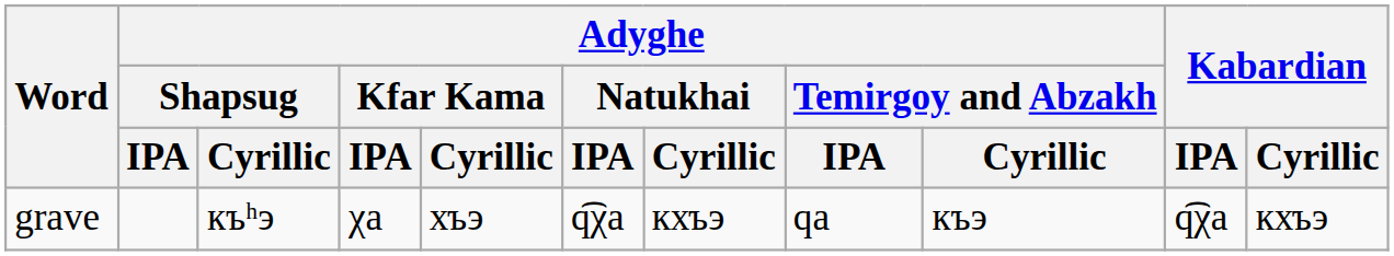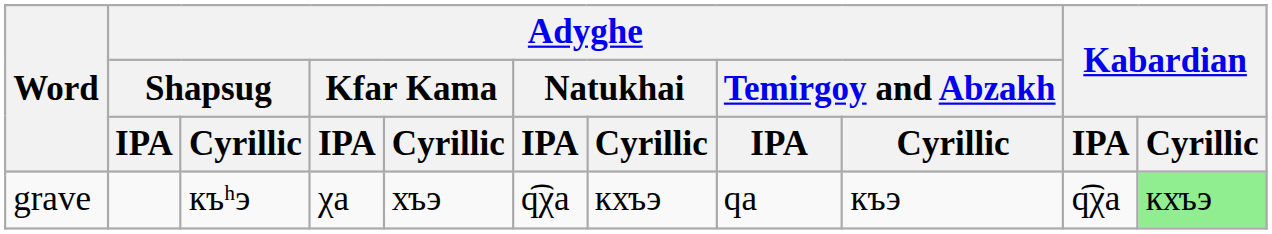 <table class="wikitable" border="1" text-align="right">
 <tr>
 <th rowspan="3">Word</th>
 <th colspan="8"><a href='#'>Adyghe</a></th>
 <th colspan="2" rowspan="2"><a href='#'>Kabardian</a></th>
 </tr>
 <tr>
 <th colspan="2">Shapsug</th>
 <th colspan="2">Kfar Kama</th>
 <th colspan="2">Natukhai</th>
 <th colspan="2"><a href='#'>Temirgoy</a> and <a href='#'>Abzakh</a></th>
 </tr>
 <tr>
 <th>IPA</th>
 <th>Cyrillic</th>
 <th>IPA</th>
 <th>Cyrillic</th>
 <th>IPA</th>
 <th>Cyrillic</th>
 <th>IPA</th>
 <th>Cyrillic</th>
 <th>IPA</th>
 <th>Cyrillic</th>
 </tr>
 <tr>
 <td>grave</td>
 <td></td>
 <td>къʰэ</td>
 <td>χa</td>
 <td>хъэ</td>
 <td>q͡χa</td>
 <td>кхъэ</td>
 <td>qa</td>
 <td>къэ</td>
 <td>q͡χa</td>
-<td>кхъэ</td>
+<td style="background: lightgreen;">кхъэ</td>
 </tr>
 </table>
